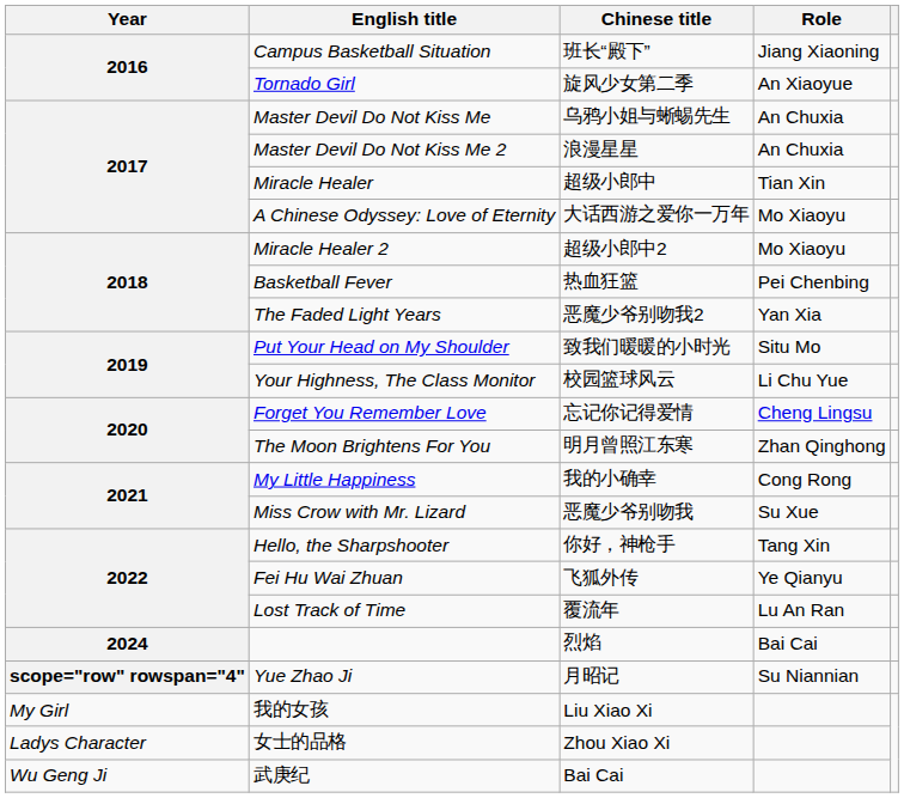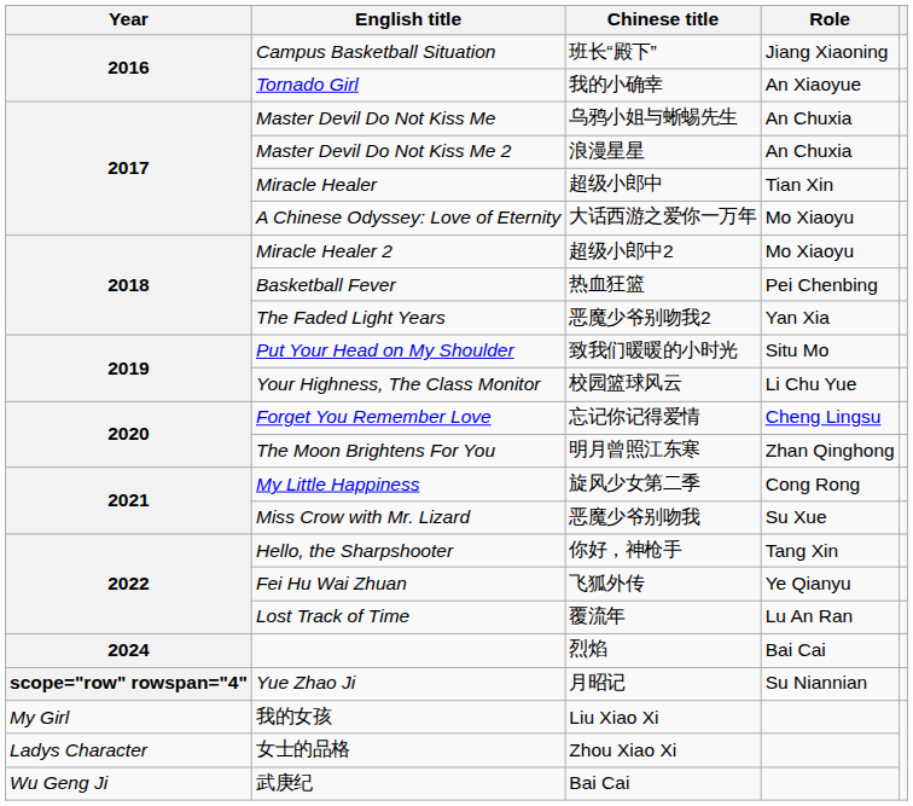 <table class="wikitable plainrowheaders">
 <tr>
 <th scope="col">Year</th>
 <th scope="col">English title</th>
 <th scope="col">Chinese title</th>
 <th scope="col">Role</th>
 <th scope="col" class="unsortable"></th>
 </tr>
 <tr>
 <th scope="row" rowspan="2">2016</th>
 <td><em>Campus Basketball Situation</em></td>
 <td>班长“殿下”</td>
 <td>Jiang Xiaoning</td>
 <td></td>
 </tr>
 <tr>
 <td><em><a href='#'>Tornado Girl</a></em></td>
-<td>旋风少女第二季</td>
+<td>我的小确幸</td>
 <td>An Xiaoyue</td>
 <td></td>
 </tr>
 <tr>
 <th scope="row" rowspan="4">2017</th>
 <td><em>Master Devil Do Not Kiss Me </em></td>
 <td>乌鸦小姐与蜥蜴先生</td>
 <td>An Chuxia</td>
 <td></td>
 </tr>
 <tr>
 <td><em>Master Devil Do Not Kiss Me 2</em></td>
 <td>浪漫星星</td>
 <td>An Chuxia</td>
 <td></td>
 </tr>
 <tr>
 <td><em>Miracle Healer</em></td>
 <td>超级小郎中</td>
 <td>Tian Xin</td>
 <td></td>
 </tr>
 <tr>
 <td><em>A Chinese Odyssey: Love of Eternity</em></td>
 <td>大话西游之爱你一万年</td>
 <td>Mo Xiaoyu</td>
 <td></td>
 </tr>
 <tr>
 <th scope="row" rowspan="3">2018</th>
 <td><em>Miracle Healer 2</em></td>
 <td>超级小郎中2</td>
 <td>Mo Xiaoyu</td>
 <td></td>
 </tr>
 <tr>
 <td><em>Basketball Fever </em></td>
 <td>热血狂篮</td>
 <td>Pei Chenbing</td>
 <td></td>
 </tr>
 <tr>
 <td><em>The Faded Light Years</em></td>
 <td>恶魔少爷别吻我2</td>
 <td>Yan Xia</td>
 <td></td>
 </tr>
 <tr>
 <th scope="row" rowspan="2">2019</th>
 <td><em><a href='#'>Put Your Head on My Shoulder</a></em></td>
 <td>致我们暖暖的小时光</td>
 <td>Situ Mo</td>
 <td></td>
 </tr>
 <tr>
 <td><em>Your Highness, The Class Monitor</em></td>
 <td>校园篮球风云</td>
 <td>Li Chu Yue</td>
 <td></td>
 </tr>
 <tr>
 <th scope="row" rowspan="2">2020</th>
 <td><em><a href='#'>Forget You Remember Love</a></em></td>
 <td>忘记你记得爱情</td>
 <td><a href='#'>Cheng Lingsu</a></td>
 <td></td>
 </tr>
 <tr>
 <td><em>The Moon Brightens For You</em></td>
 <td>明月曾照江东寒</td>
 <td>Zhan Qinghong</td>
 <td></td>
 </tr>
 <tr>
 <th scope="row" rowspan="2">2021</th>
 <td><em><a href='#'>My Little Happiness</a></em></td>
-<td>我的小确幸</td>
+<td>旋风少女第二季</td>
 <td>Cong Rong</td>
 <td></td>
 </tr>
 <tr>
 <td><em>Miss Crow with Mr. Lizard</em></td>
 <td>恶魔少爷别吻我</td>
 <td>Su Xue</td>
 <td></td>
 </tr>
 <tr>
 <th scope="row" rowspan="3">2022</th>
 <td><em>Hello, the Sharpshooter</em></td>
 <td>你好，神枪手</td>
 <td>Tang Xin</td>
 <td></td>
 </tr>
 <tr>
 <td><em> Fei Hu Wai Zhuan</em></td>
 <td>飞狐外传</td>
 <td>Ye Qianyu</td>
 <td></td>
 </tr>
 <tr>
 <td><em>Lost Track of Time</em></td>
 <td>覆流年</td>
 <td>Lu An Ran</td>
 <td></td>
 </tr>
 <tr>
 <th scope="row">2024</th>
 <td><em></em></td>
 <td>烈焰</td>
 <td>Bai Cai</td>
 <td></td>
 </tr>
 <tr>
 <th>scope="row" rowspan="4" </th>
 <td><em>Yue Zhao Ji</em></td>
 <td>月昭记</td>
 <td>Su Niannian</td>
 <td></td>
 </tr>
 <tr>
 <td><em>My Girl</em></td>
 <td>我的女孩</td>
 <td>Liu Xiao Xi</td>
 <td></td>
 </tr>
 <tr>
 <td><em>Ladys Character</em></td>
 <td>女士的品格</td>
 <td>Zhou Xiao Xi</td>
 <td></td>
 </tr>
 <tr>
 <td><em>Wu Geng Ji</em></td>
 <td>武庚纪</td>
 <td>Bai Cai</td>
 <td></td>
 </tr>
 </table>
